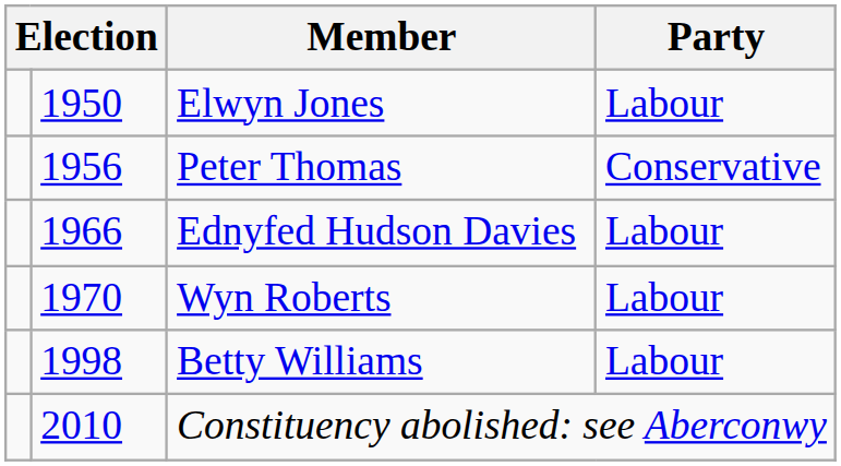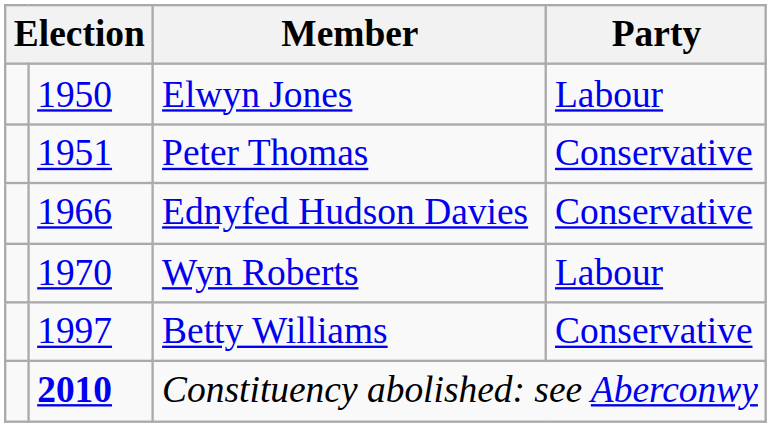 <table class="wikitable">
 <tr>
 <th colspan="2">Election</th>
 <th>Member</th>
 <th>Party</th>
 </tr>
 <tr>
 <td style="color:inherit;background-color: "></td>
 <td><a href='#'>1950</a></td>
 <td><a href='#'>Elwyn Jones</a></td>
 <td><a href='#'>Labour</a></td>
 </tr>
 <tr>
 <td style="color:inherit;background-color: "></td>
-<td><a href='#'>1956</a></td>
+<td><a href='#'>1951</a></td>
 <td><a href='#'>Peter Thomas</a></td>
 <td><a href='#'>Conservative</a></td>
 </tr>
 <tr>
 <td style="color:inherit;background-color: "></td>
 <td><a href='#'>1966</a></td>
 <td><a href='#'>Ednyfed Hudson Davies</a></td>
-<td><a href='#'>Labour</a></td>
+<td><a href='#'>Conservative</a></td>
 </tr>
 <tr>
 <td style="color:inherit;background-color: "></td>
 <td><a href='#'>1970</a></td>
 <td><a href='#'>Wyn Roberts</a></td>
 <td><a href='#'>Labour</a></td>
 </tr>
 <tr>
 <td style="color:inherit;background-color: "></td>
-<td><a href='#'>1998</a></td>
+<td><a href='#'>1997</a></td>
 <td><a href='#'>Betty Williams</a></td>
-<td><a href='#'>Labour</a></td>
+<td><a href='#'>Conservative</a></td>
 </tr>
 <tr>
 <td></td>
-<td><a href='#'>2010</a></td>
+<td><strong><a href='#'>2010</a></strong></td>
 <td colspan="2"><em>Constituency abolished: see <a href='#'>Aberconwy</a></em></td>
 </tr>
 </table>
